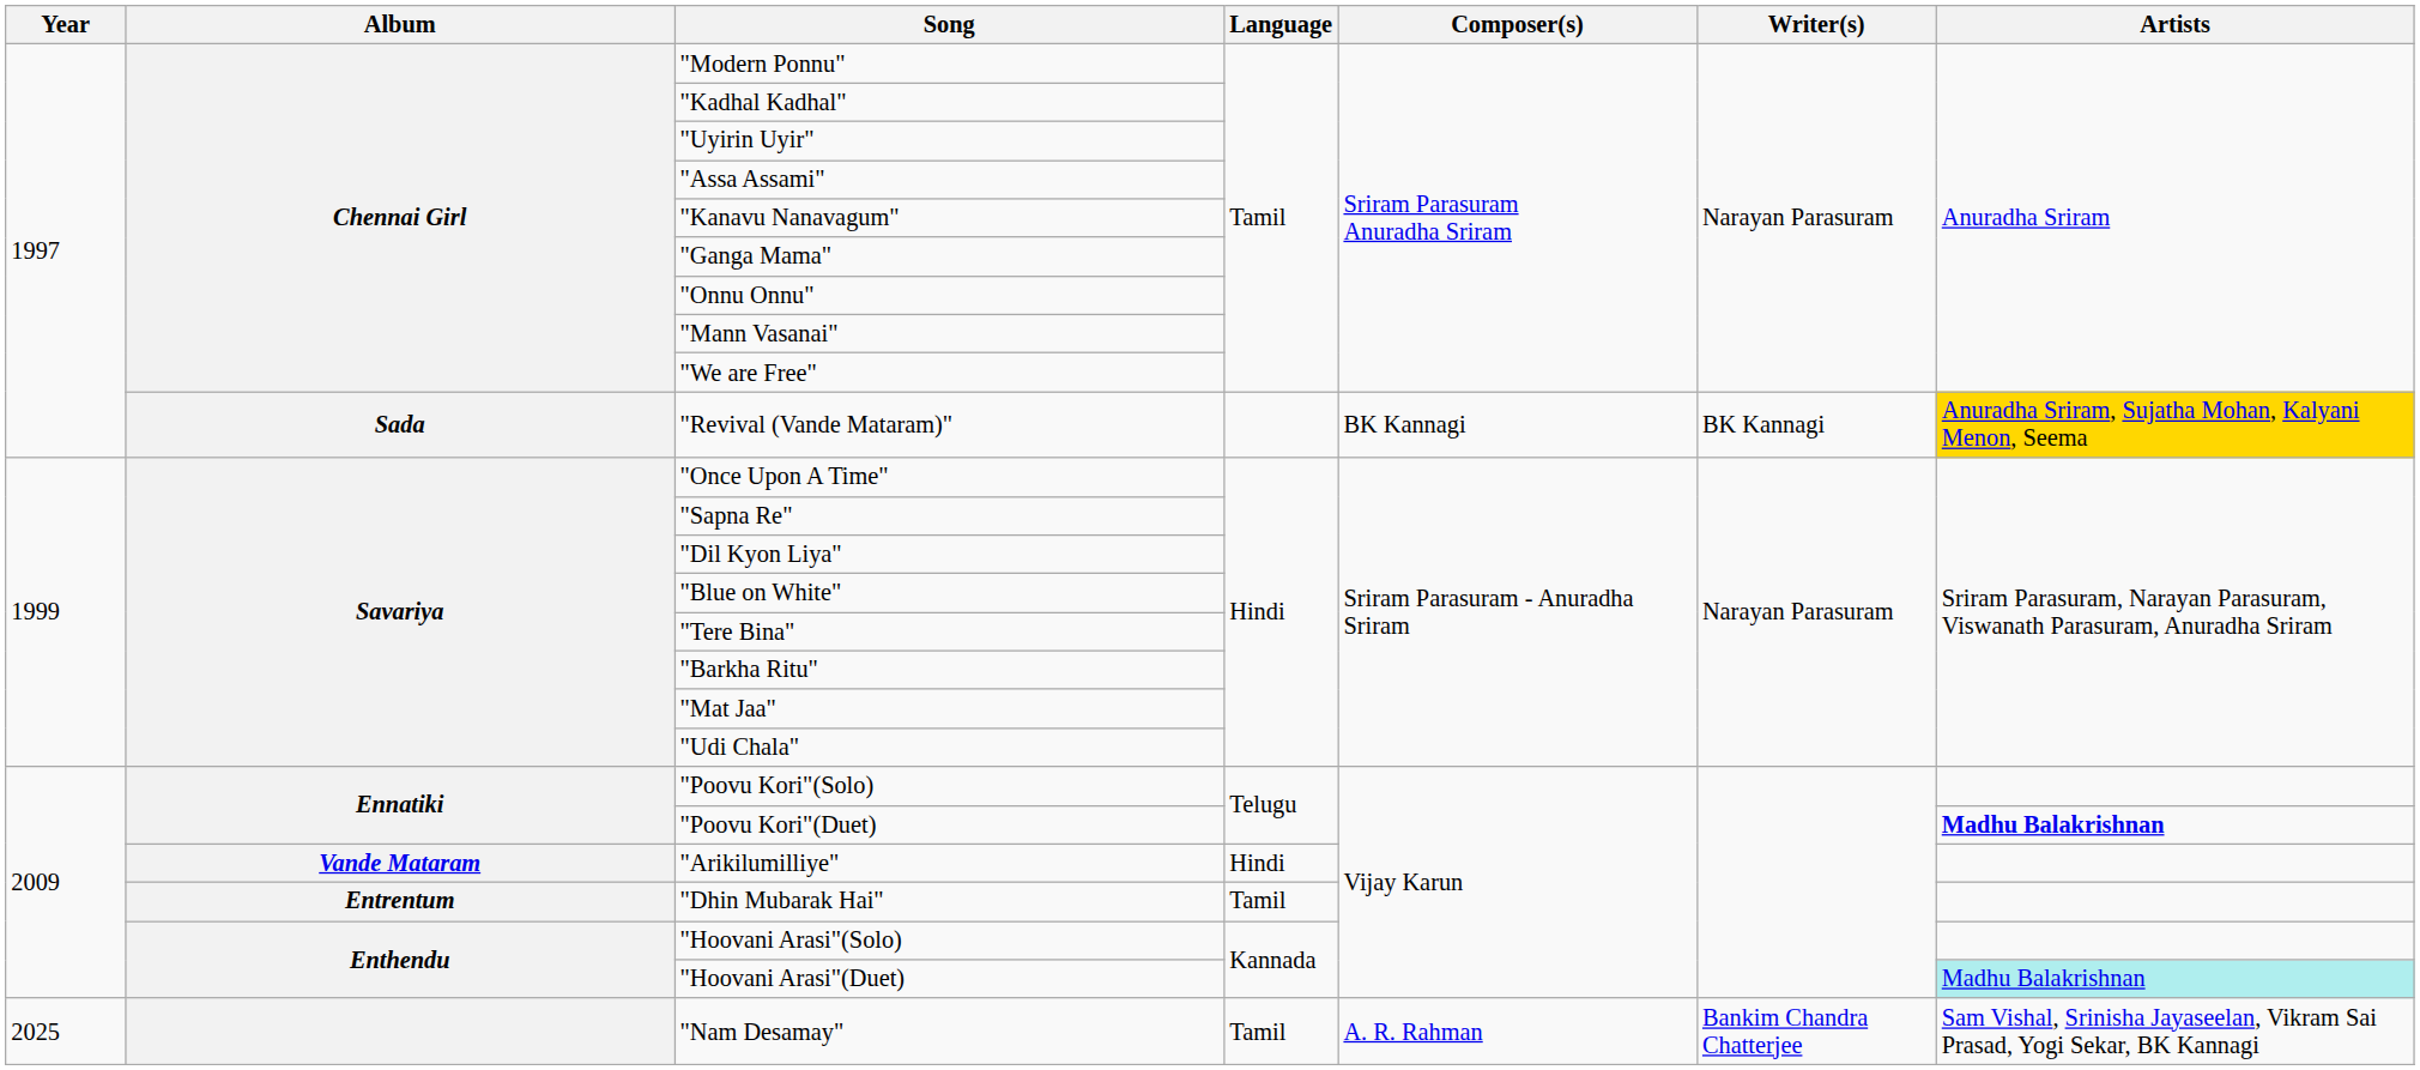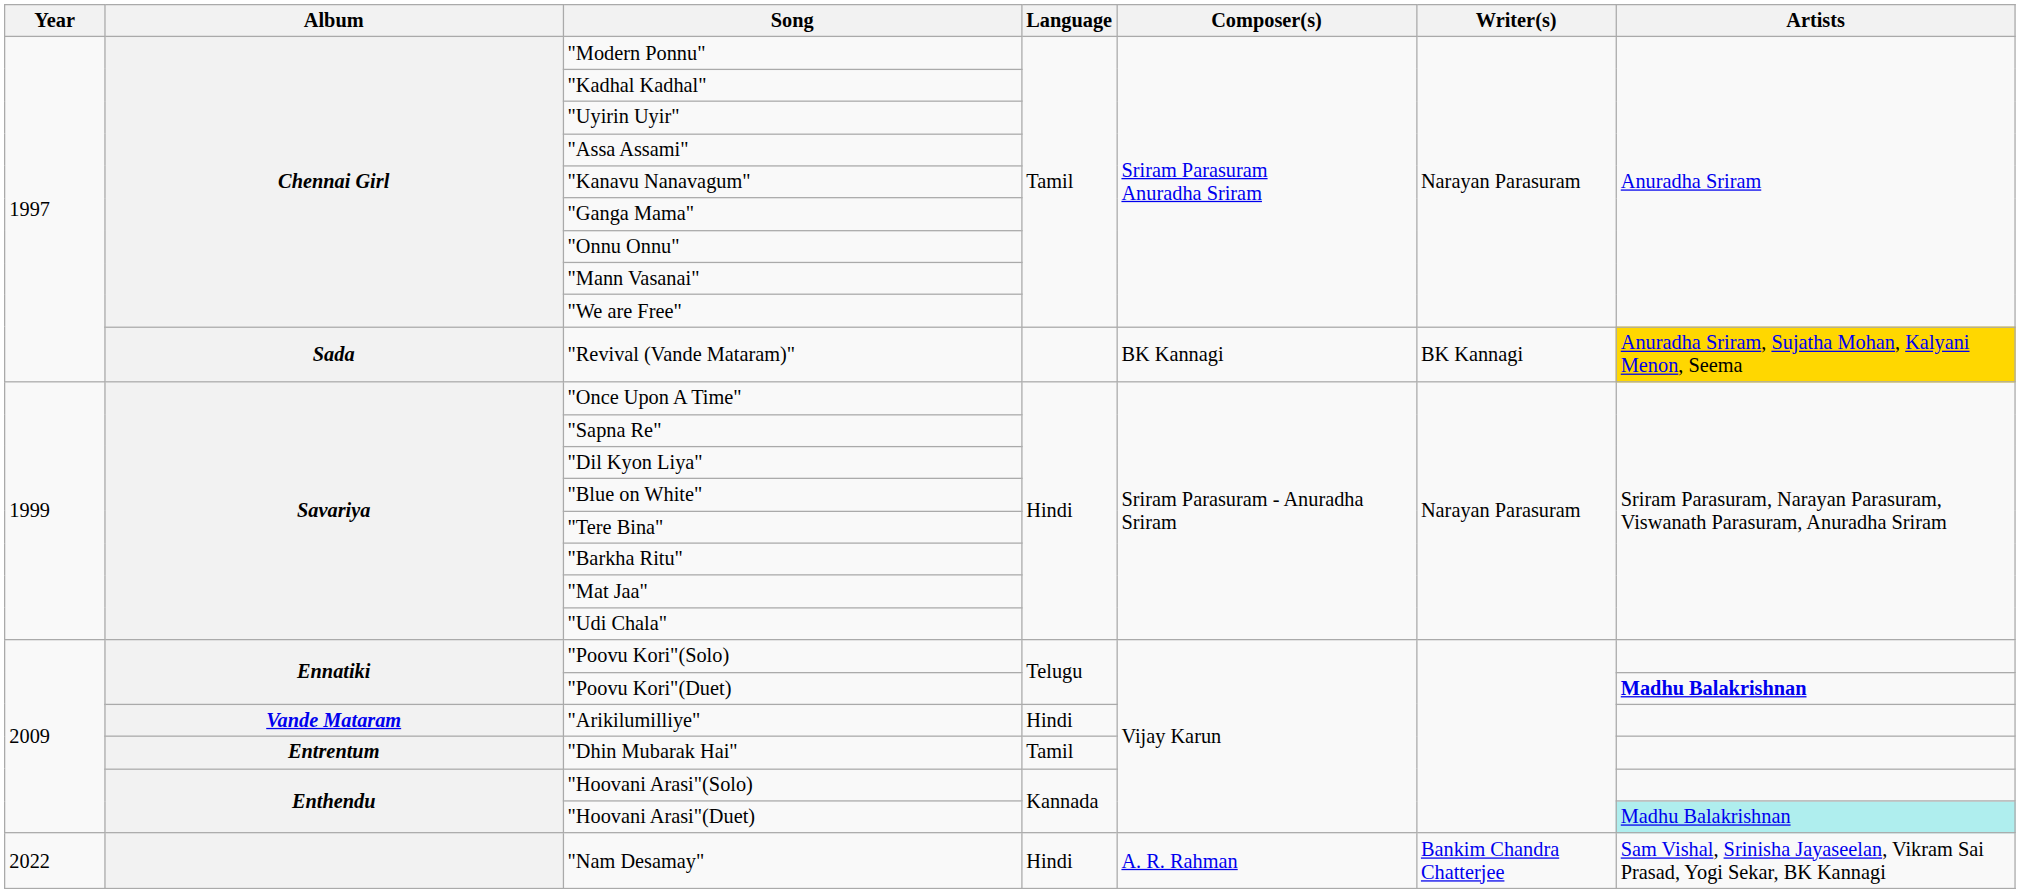 <table class="wikitable plainrowheaders" width="100%" textcolor:#000;">
 <tr style="background:#b0e0e66;">
 <th scope="col" width=5%><strong>Year</strong></th>
 <th scope="col" width=23%><strong>Album</strong></th>
 <th scope="col" width=23%><strong>Song</strong></th>
 <th>Language</th>
 <th scope="col" width=15%><strong>Composer(s)</strong></th>
 <th scope="col" width=10%><strong>Writer(s)</strong></th>
 <th scope="col" width=20%><strong>Artists</strong></th>
 </tr>
 <tr>
 <td rowspan="10">1997</td>
 <th rowspan="9"><em>Chennai Girl</em></th>
 <td>"Modern Ponnu"</td>
 <td rowspan="9">Tamil</td>
 <td rowspan="9"><a href='#'>Sriram Parasuram</a> <br> <a href='#'>Anuradha Sriram</a></td>
 <td rowspan="9">Narayan Parasuram</td>
 <td rowspan="9"><a href='#'>Anuradha Sriram</a></td>
 </tr>
 <tr>
 <td>"Kadhal Kadhal"</td>
 </tr>
 <tr>
 <td>"Uyirin Uyir"</td>
 </tr>
 <tr>
 <td>"Assa Assami"</td>
 </tr>
 <tr>
 <td>"Kanavu Nanavagum"</td>
 </tr>
 <tr>
 <td>"Ganga Mama"</td>
 </tr>
 <tr>
 <td>"Onnu Onnu"</td>
 </tr>
 <tr>
 <td>"Mann Vasanai"</td>
 </tr>
 <tr>
 <td>"We are Free"</td>
 </tr>
 <tr>
 <th><em>Sada</em></th>
 <td>"Revival (Vande Mataram)"</td>
 <td></td>
 <td>BK Kannagi</td>
 <td>BK Kannagi</td>
 <td style="background: gold;"><a href='#'>Anuradha Sriram</a>, <a href='#'>Sujatha Mohan</a>, <a href='#'>Kalyani Menon</a>, Seema</td>
 </tr>
 <tr>
 <td rowspan="8">1999</td>
 <th rowspan="8"><em>Savariya</em></th>
 <td>"Once Upon A Time"</td>
 <td rowspan="8">Hindi</td>
 <td rowspan="8">Sriram Parasuram - Anuradha Sriram</td>
 <td rowspan="8">Narayan Parasuram</td>
 <td rowspan="8">Sriram Parasuram, Narayan Parasuram, Viswanath Parasuram, Anuradha Sriram</td>
 </tr>
 <tr>
 <td>"Sapna Re"</td>
 </tr>
 <tr>
 <td>"Dil Kyon Liya"</td>
 </tr>
 <tr>
 <td>"Blue on White"</td>
 </tr>
 <tr>
 <td>"Tere Bina"</td>
 </tr>
 <tr>
 <td>"Barkha Ritu"</td>
 </tr>
 <tr>
 <td>"Mat Jaa"</td>
 </tr>
 <tr>
 <td>"Udi Chala"</td>
 </tr>
 <tr>
 <td rowspan="6">2009</td>
 <th rowspan="2"><em>Ennatiki</em></th>
 <td>"Poovu Kori"(Solo)</td>
 <td rowspan="2">Telugu</td>
 <td rowspan="6">Vijay Karun</td>
 <td rowspan="6"></td>
 <td></td>
 </tr>
 <tr>
 <td>"Poovu Kori"(Duet)</td>
 <td><strong><a href='#'>Madhu Balakrishnan</a></strong></td>
 </tr>
 <tr>
 <th><em><a href='#'>Vande Mataram</a></em></th>
 <td>"Arikilumilliye"</td>
 <td>Hindi</td>
 <td></td>
 </tr>
 <tr>
 <th><em>Entrentum</em></th>
 <td>"Dhin Mubarak Hai"</td>
 <td>Tamil</td>
 <td></td>
 </tr>
 <tr>
 <th rowspan="2"><em>Enthendu</em></th>
 <td>"Hoovani Arasi"(Solo)</td>
 <td rowspan="2">Kannada</td>
 <td></td>
 </tr>
 <tr>
 <td>"Hoovani Arasi"(Duet)</td>
 <td style="background: paleturquoise;"><a href='#'>Madhu Balakrishnan</a></td>
 </tr>
 <tr>
-<td>2025</td>
+<td>2022</td>
 <th></th>
 <td>"Nam Desamay"</td>
-<td>Tamil</td>
+<td>Hindi</td>
 <td><a href='#'>A. R. Rahman</a></td>
 <td><a href='#'>Bankim Chandra Chatterjee</a></td>
 <td><a href='#'>Sam Vishal</a>, <a href='#'>Srinisha Jayaseelan</a>, Vikram Sai Prasad, Yogi Sekar, BK Kannagi</td>
 </tr>
 <tr>
 </tr>
 </table>
